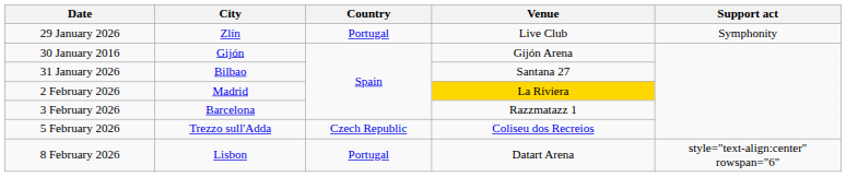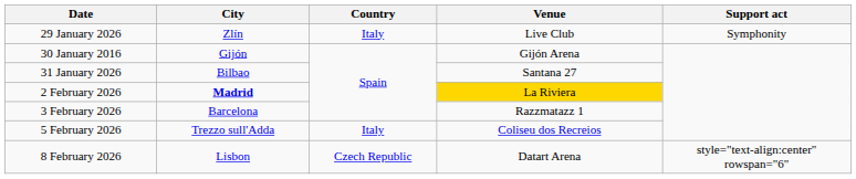 <table class="wikitable plainrowheaders" style="text-align:center;">
 <tr>
 <th scope="col" style="width:12em;">Date</th>
 <th scope="col" style="width:12em;">City</th>
 <th scope="col" style="width:10em;">Country</th>
 <th scope="col" style="width:18em;">Venue</th>
 <th scope="col" style="width:15em;">Support act</th>
 </tr>
 <tr>
 <td style="text-align:center">29 January 2026</td>
 <td style="text-align:center"><a href='#'>Zlín</a></td>
-<td style="text-align:center"><a href='#'>Portugal</a></td>
+<td style="text-align:center"><a href='#'>Italy</a></td>
 <td style="text-align:center">Live Club</td>
 <td style="text-align:center">Symphonity</td>
 </tr>
 <tr>
 <td style="text-align:center">30 January 2016</td>
 <td style="text-align:center"><a href='#'>Gijón</a></td>
 <td style="text-align:center" rowspan="4"><a href='#'>Spain</a></td>
 <td style="text-align:center">Gijón Arena</td>
 </tr>
 <tr>
 <td style="text-align:center">31 January 2026</td>
 <td style="text-align:center"><a href='#'>Bilbao</a></td>
 <td style="text-align:center">Santana 27</td>
 </tr>
 <tr>
 <td style="text-align:center">2 February 2026</td>
-<td style="text-align:center"><a href='#'>Madrid</a></td>
+<td style="text-align:center"><strong><a href='#'>Madrid</a></strong></td>
 <td style="background: gold; text-align:center">La Riviera</td>
 </tr>
 <tr>
 <td style="text-align:center">3 February 2026</td>
 <td style="text-align:center"><a href='#'>Barcelona</a></td>
 <td style="text-align:center">Razzmatazz 1</td>
 </tr>
 <tr>
 <td style="text-align:center">5 February 2026</td>
 <td style="text-align:center"><a href='#'>Trezzo sull'Adda</a></td>
-<td style="text-align:center"><a href='#'>Czech Republic</a></td>
+<td style="text-align:center"><a href='#'>Italy</a></td>
 <td style="text-align:center"><a href='#'>Coliseu dos Recreios</a></td>
 </tr>
 <tr>
 <td style="text-align:center">8 February 2026</td>
 <td style="text-align:center"><a href='#'>Lisbon</a></td>
-<td style="text-align:center"><a href='#'>Portugal</a></td>
+<td style="text-align:center"><a href='#'>Czech Republic</a></td>
 <td style="text-align:center">Datart Arena</td>
 <td>style="text-align:center" rowspan="6" </td>
 </tr>
 </table>
